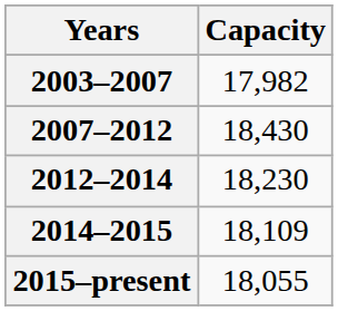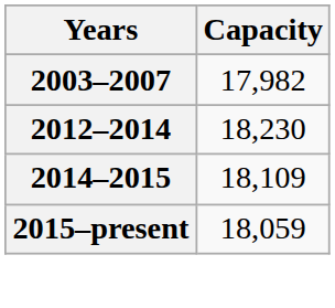 <table class="wikitable">
 <tr>
 <th>Years</th>
 <th>Capacity</th>
 </tr>
 <tr>
 <th>2003–2007</th>
 <td style="text-align:center">17,982</td>
-</tr>
-<tr>
-<th>2007–2012</th>
-<td style="text-align:center">18,430</td>
 </tr>
 <tr>
 <th>2012–2014</th>
 <td style="text-align:center">18,230</td>
 </tr>
 <tr>
 <th>2014–2015</th>
 <td style="text-align:center">18,109</td>
 </tr>
 <tr>
 <th>2015–present</th>
-<td style="text-align:center">18,055</td>
+<td style="text-align:center">18,059</td>
 </tr>
 </table>
